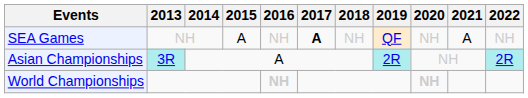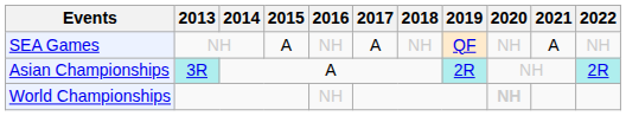 <table style='font-size: 90%; text-align:center;' class='wikitable'>
 <tr>
 <th>Events</th>
 <th>2013</th>
 <th>2014</th>
 <th>2015</th>
 <th>2016</th>
 <th>2017</th>
 <th>2018</th>
 <th>2019</th>
 <th>2020</th>
 <th>2021</th>
 <th>2022</th>
 </tr>
 <tr>
 <td bgcolor="#ECF2FF"; align="left"><a href='#'>SEA Games</a></td>
 <td colspan="2" style=color:#ccc>NH</td>
 <td>A</td>
 <td style=color:#ccc>NH</td>
-<td><strong>A</strong></td>
+<td>A</td>
 <td style=color:#ccc>NH</td>
 <td bgcolor=FFEBCD><a href='#'>QF</a></td>
 <td style=color:#ccc>NH</td>
 <td>A</td>
 <td style=color:#ccc>NH</td>
 </tr>
 <tr>
 <td bgcolor="#ECF2FF"; align="left"><a href='#'>Asian Championships</a></td>
 <td bgcolor=AFEEEE><a href='#'>3R</a></td>
 <td colspan="5">A</td>
 <td bgcolor=AFEEEE><a href='#'>2R</a></td>
 <td colspan="2" style=color:#ccc>NH</td>
 <td bgcolor=AFEEEE><a href='#'>2R</a></td>
 </tr>
 <tr>
 <td bgcolor="#ECF2FF"; align="left"><a href='#'>World Championships</a></td>
 <td colspan="3"></td>
-<td style=color:#ccc><strong>NH</strong></td>
+<td style=color:#ccc>NH</td>
 <td colspan="3"></td>
 <td style=color:#ccc><strong>NH</strong></td>
 <td><a href='#'></a></td>
 <td><a href='#'></a></td>
 </tr>
 </table>
